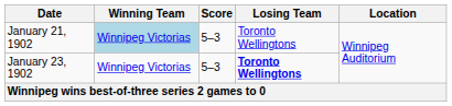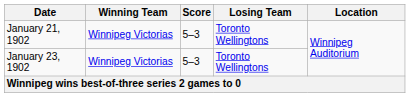 <table class="wikitable">
 <tr>
 <th width="120">Date</th>
 <th width="140">Winning Team</th>
 <th width="5">Score</th>
 <th width="140">Losing Team</th>
 <th width="145">Location</th>
 </tr>
 <tr>
 <td>January 21, 1902</td>
-<td style="background: lightblue;"><a href='#'>Winnipeg Victorias</a></td>
+<td><a href='#'>Winnipeg Victorias</a></td>
 <td>5–3</td>
 <td><a href='#'>Toronto Wellingtons</a></td>
 <td rowspan="2"><a href='#'>Winnipeg Auditorium</a></td>
 </tr>
 <tr>
 <td>January 23, 1902</td>
 <td><a href='#'>Winnipeg Victorias</a></td>
 <td>5–3</td>
-<td><strong><a href='#'>Toronto Wellingtons</a></strong></td>
+<td><a href='#'>Toronto Wellingtons</a></td>
 </tr>
 <tr>
 <th colspan="5" style="text-align:left;">Winnipeg wins best-of-three series 2 games to 0</th>
 </tr>
 </table>
